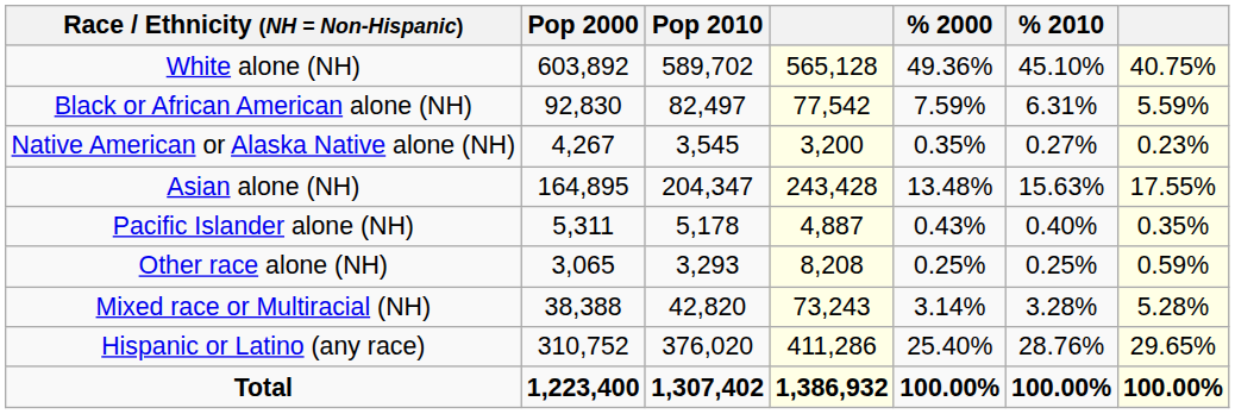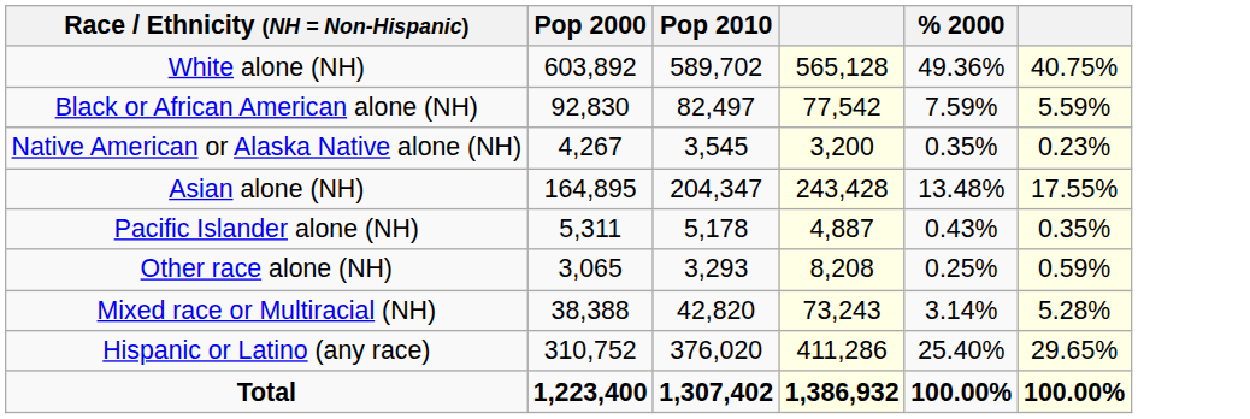 <table class="wikitable" style="text-align:center;">
 <tr>
 <th>Race / Ethnicity <small>(<em>NH = Non-Hispanic</em>)</small></th>
 <th>Pop 2000</th>
 <th>Pop 2010</th>
 <th></th>
 <th>% 2000</th>
-<th>% 2010</th>
 <th></th>
 </tr>
 <tr>
 <td><a href='#'>White</a> alone (NH)</td>
 <td>603,892</td>
 <td>589,702</td>
 <td style='background: #ffffe6;'>565,128</td>
 <td>49.36%</td>
-<td>45.10%</td>
 <td style='background: #ffffe6;'>40.75%</td>
 </tr>
 <tr>
 <td><a href='#'>Black or African American</a> alone (NH)</td>
 <td>92,830</td>
 <td>82,497</td>
 <td style='background: #ffffe6;'>77,542</td>
 <td>7.59%</td>
-<td>6.31%</td>
 <td style='background: #ffffe6;'>5.59%</td>
 </tr>
 <tr>
 <td><a href='#'>Native American</a> or <a href='#'>Alaska Native</a> alone (NH)</td>
 <td>4,267</td>
 <td>3,545</td>
 <td style='background: #ffffe6;'>3,200</td>
 <td>0.35%</td>
-<td>0.27%</td>
 <td style='background: #ffffe6;'>0.23%</td>
 </tr>
 <tr>
 <td><a href='#'>Asian</a> alone (NH)</td>
 <td>164,895</td>
 <td>204,347</td>
 <td style='background: #ffffe6;'>243,428</td>
 <td>13.48%</td>
-<td>15.63%</td>
 <td style='background: #ffffe6;'>17.55%</td>
 </tr>
 <tr>
 <td><a href='#'>Pacific Islander</a> alone (NH)</td>
 <td>5,311</td>
 <td>5,178</td>
 <td style='background: #ffffe6;'>4,887</td>
 <td>0.43%</td>
-<td>0.40%</td>
 <td style='background: #ffffe6;'>0.35%</td>
 </tr>
 <tr>
 <td><a href='#'>Other race</a> alone (NH)</td>
 <td>3,065</td>
 <td>3,293</td>
 <td style='background: #ffffe6;'>8,208</td>
-<td>0.25%</td>
 <td>0.25%</td>
 <td style='background: #ffffe6;'>0.59%</td>
 </tr>
 <tr>
 <td><a href='#'>Mixed race or Multiracial</a> (NH)</td>
 <td>38,388</td>
 <td>42,820</td>
 <td style='background: #ffffe6;'>73,243</td>
 <td>3.14%</td>
-<td>3.28%</td>
 <td style='background: #ffffe6;'>5.28%</td>
 </tr>
 <tr>
 <td><a href='#'>Hispanic or Latino</a> (any race)</td>
 <td>310,752</td>
 <td>376,020</td>
 <td style='background: #ffffe6;'>411,286</td>
 <td>25.40%</td>
-<td>28.76%</td>
 <td style='background: #ffffe6;'>29.65%</td>
 </tr>
 <tr>
 <td><strong>Total</strong></td>
 <td><strong>1,223,400</strong></td>
 <td><strong>1,307,402</strong></td>
 <td style='background: #ffffe6;'><strong>1,386,932</strong></td>
 <td><strong>100.00%</strong></td>
-<td><strong>100.00%</strong></td>
 <td style='background: #ffffe6;'><strong>100.00%</strong></td>
 </tr>
 </table>
